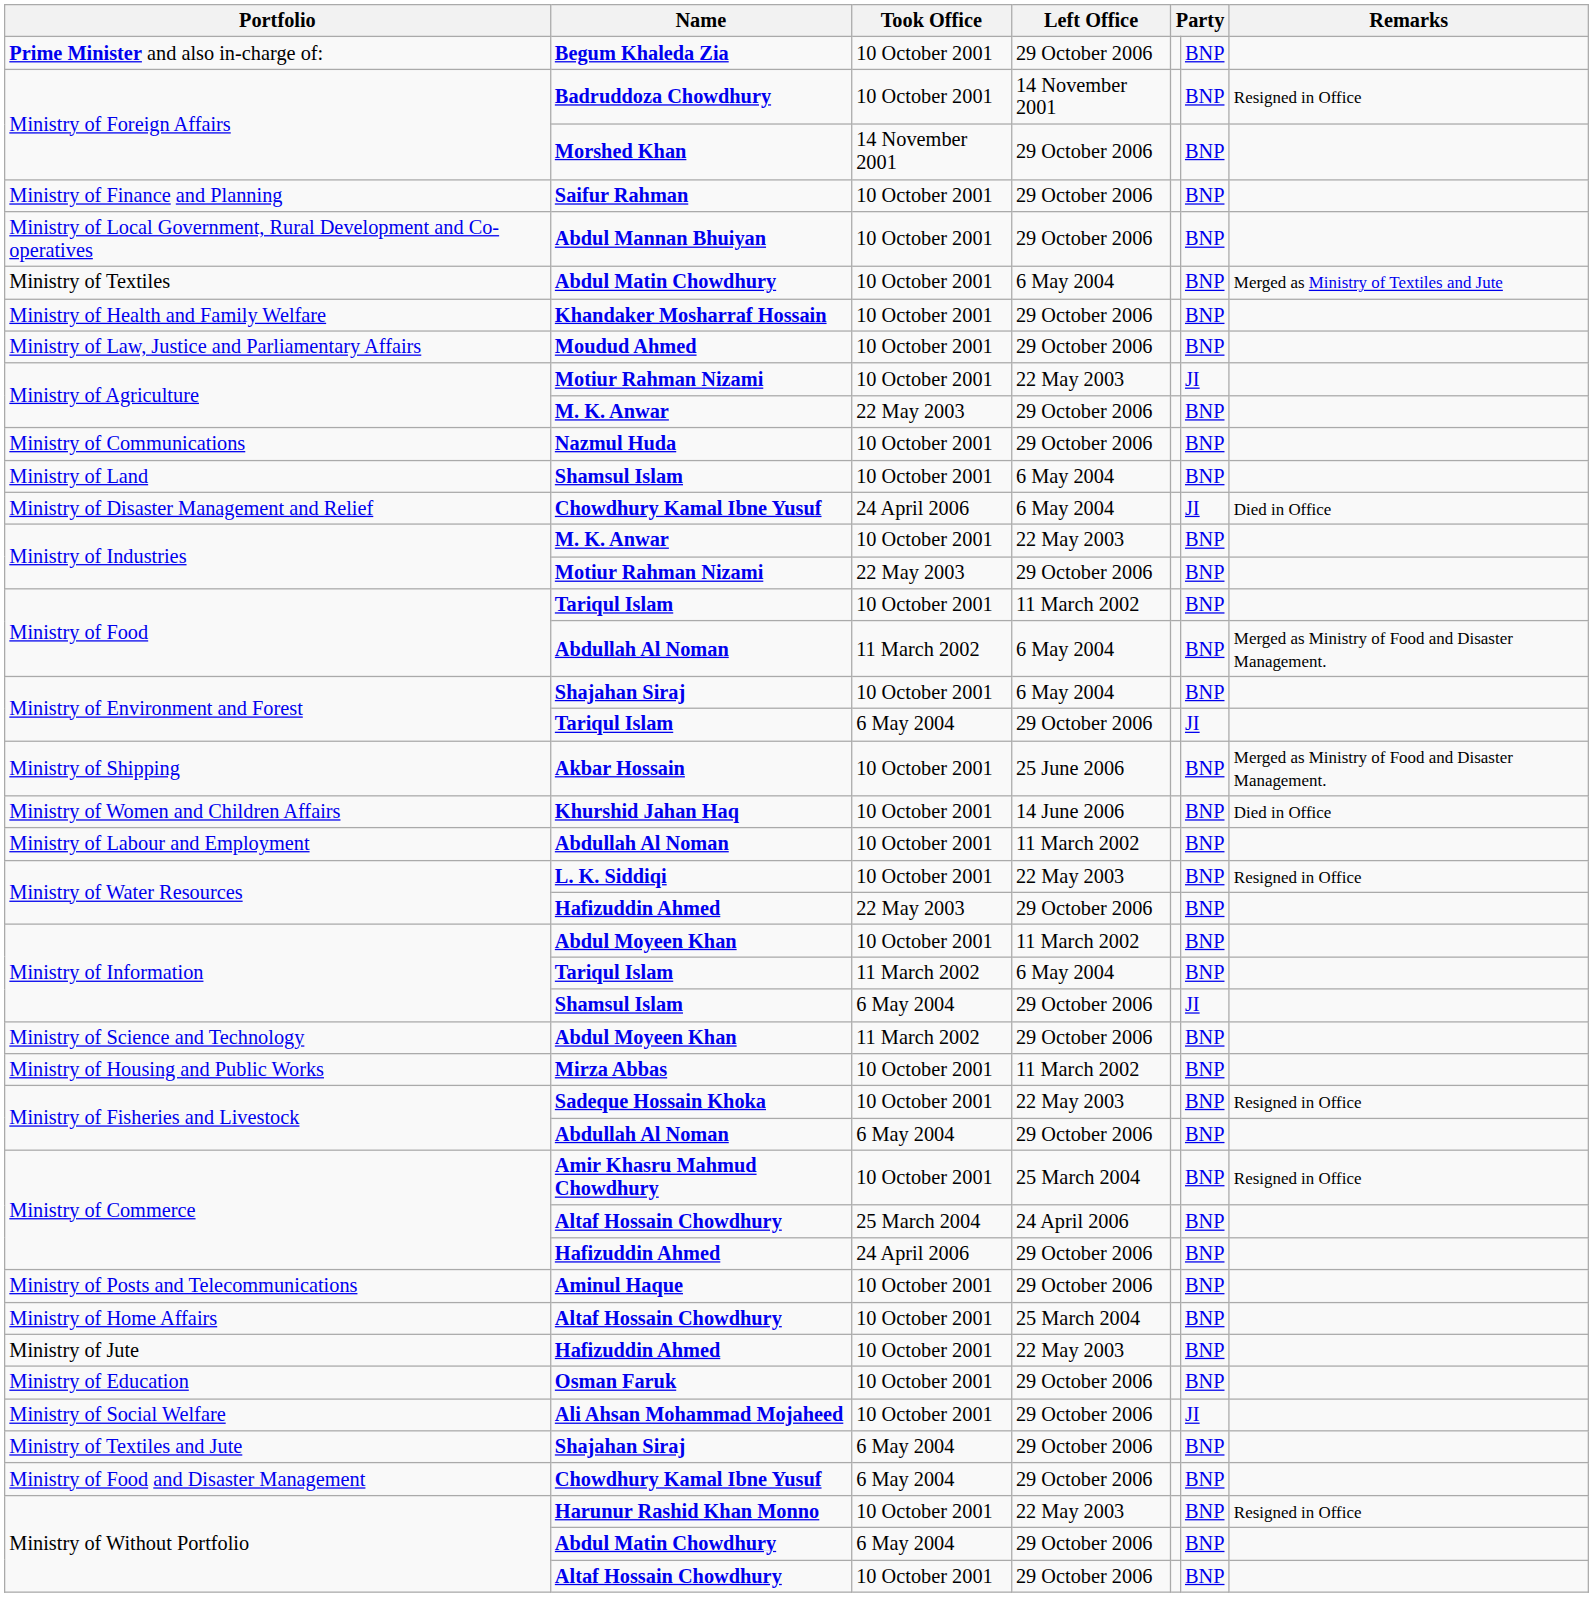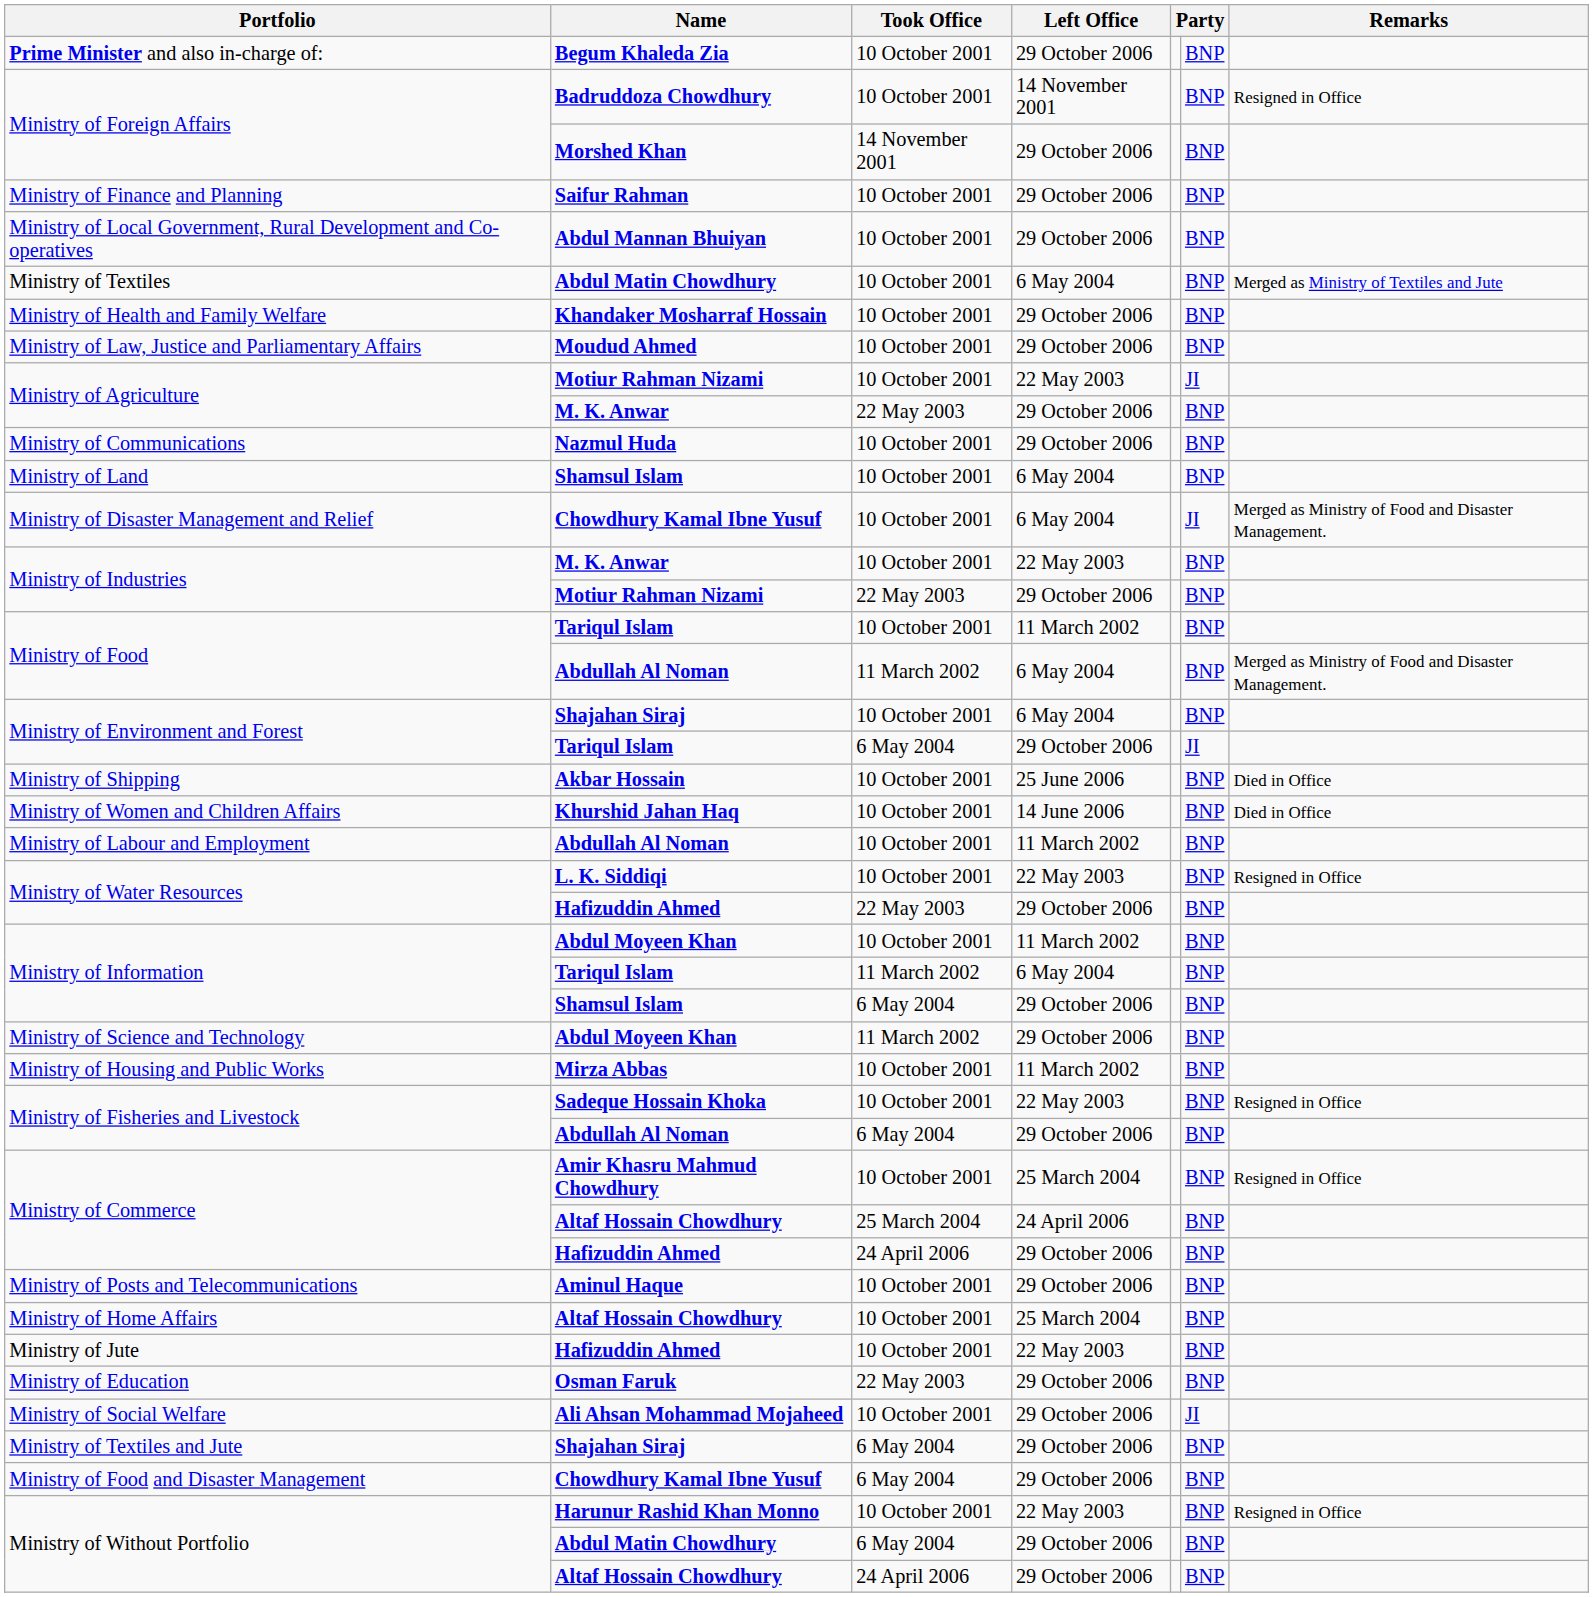 <table class="wikitable sortable">
 <tr>
 <th>Portfolio</th>
 <th>Name</th>
 <th>Took Office</th>
 <th>Left Office</th>
 <th colspan="2">Party</th>
 <th>Remarks</th>
 </tr>
 <tr>
 <td><a href='#'><strong>Prime Minister</strong></a> and also in-charge of:<br></td>
 <td><strong><a href='#'>Begum Khaleda Zia</a></strong></td>
 <td>10 October 2001</td>
 <td>29 October 2006</td>
 <td style="background-color:"></td>
 <td><a href='#'>BNP</a></td>
 <td></td>
 </tr>
 <tr>
 <td rowspan="2"><a href='#'>Ministry of Foreign Affairs</a></td>
 <td><a href='#'><strong>Badruddoza Chowdhury</strong></a></td>
 <td>10 October 2001</td>
 <td>14 November 2001</td>
 <td style="background-color:"></td>
 <td><a href='#'>BNP</a></td>
 <td><small>Resigned in Office</small></td>
 </tr>
 <tr>
 <td><strong><a href='#'>Morshed Khan</a></strong></td>
 <td>14 November 2001</td>
 <td>29 October 2006</td>
 <td style="background-color:"></td>
 <td><a href='#'>BNP</a></td>
 <td></td>
 </tr>
 <tr>
 <td><a href='#'>Ministry of Finance</a> <a href='#'>and Planning</a></td>
 <td><a href='#'><strong>Saifur Rahman</strong></a></td>
 <td>10 October 2001</td>
 <td>29 October 2006</td>
 <td style="background-color:"></td>
 <td><a href='#'>BNP</a></td>
 <td></td>
 </tr>
 <tr>
 <td><a href='#'>Ministry of Local Government, Rural Development and Co-operatives</a></td>
 <td><strong><a href='#'>Abdul Mannan Bhuiyan</a></strong></td>
 <td>10 October 2001</td>
 <td>29 October 2006</td>
 <td style="background-color:"></td>
 <td><a href='#'>BNP</a></td>
 <td></td>
 </tr>
 <tr>
 <td>Ministry of Textiles</td>
 <td><a href='#'><strong>Abdul Matin Chowdhury</strong></a></td>
 <td>10 October 2001</td>
 <td>6 May 2004</td>
 <td style="background-color:"></td>
 <td><a href='#'>BNP</a></td>
 <td><small>Merged as <a href='#'>Ministry of Textiles and Jute</a></small></td>
 </tr>
 <tr>
 <td><a href='#'>Ministry of Health and Family Welfare</a></td>
 <td><a href='#'><strong>Khandaker Mosharraf Hossain</strong></a></td>
 <td>10 October 2001</td>
 <td>29 October 2006</td>
 <td style="background-color:"></td>
 <td><a href='#'>BNP</a></td>
 <td></td>
 </tr>
 <tr>
 <td><a href='#'>Ministry of Law, Justice and Parliamentary Affairs</a></td>
 <td><strong><a href='#'>Moudud Ahmed</a></strong></td>
 <td>10 October 2001</td>
 <td>29 October 2006</td>
 <td style="background-color:"></td>
 <td><a href='#'>BNP</a></td>
 <td></td>
 </tr>
 <tr>
 <td rowspan="2"><a href='#'>Ministry of Agriculture</a></td>
 <td><strong><a href='#'>Motiur Rahman Nizami</a></strong></td>
 <td>10 October 2001</td>
 <td>22 May 2003</td>
 <td style="background-color:"></td>
 <td><a href='#'>JI</a></td>
 <td></td>
 </tr>
 <tr>
 <td><strong><a href='#'>M. K. Anwar</a></strong></td>
 <td>22 May 2003</td>
 <td>29 October 2006</td>
 <td style="background-color:"></td>
 <td><a href='#'>BNP</a></td>
 <td></td>
 </tr>
 <tr>
 <td><a href='#'>Ministry of Communications</a></td>
 <td><strong><a href='#'>Nazmul Huda</a></strong></td>
 <td>10 October 2001</td>
 <td>29 October 2006</td>
 <td style="background-color:"></td>
 <td><a href='#'>BNP</a></td>
 <td></td>
 </tr>
 <tr>
 <td><a href='#'>Ministry of Land</a></td>
 <td><a href='#'><strong>Shamsul Islam</strong></a></td>
 <td>10 October 2001</td>
 <td>6 May 2004</td>
 <td style="background-color:"></td>
 <td><a href='#'>BNP</a></td>
 <td></td>
 </tr>
 <tr>
 <td><a href='#'>Ministry of Disaster Management and Relief</a></td>
 <td><strong><a href='#'>Chowdhury Kamal Ibne Yusuf</a></strong></td>
-<td>24 April 2006</td>
+<td>10 October 2001</td>
 <td>6 May 2004</td>
 <td style="background-color:"></td>
 <td><a href='#'>JI</a></td>
-<td><small>Died in Office</small></td>
+<td><small>Merged as Ministry of Food and Disaster Management.</small></td>
 </tr>
 <tr>
 <td rowspan="2"><a href='#'>Ministry of Industries</a></td>
 <td><strong><a href='#'>M. K. Anwar</a></strong></td>
 <td>10 October 2001</td>
 <td>22 May 2003</td>
 <td style="background-color:"></td>
 <td><a href='#'>BNP</a></td>
 <td></td>
 </tr>
 <tr>
 <td><strong><a href='#'>Motiur Rahman Nizami</a></strong></td>
 <td>22 May 2003</td>
 <td>29 October 2006</td>
 <td style="background-color:"></td>
 <td><a href='#'>BNP</a></td>
 <td></td>
 </tr>
 <tr>
 <td rowspan="2"><a href='#'>Ministry of Food</a></td>
 <td><strong><a href='#'>Tariqul Islam</a></strong></td>
 <td>10 October 2001</td>
 <td>11 March 2002</td>
 <td style="background-color:"></td>
 <td><a href='#'>BNP</a></td>
 <td></td>
 </tr>
 <tr>
 <td><strong><a href='#'>Abdullah Al Noman</a></strong></td>
 <td>11 March 2002</td>
 <td>6 May 2004</td>
 <td style="background-color:"></td>
 <td><a href='#'>BNP</a></td>
 <td><small>Merged as Ministry of Food and Disaster Management.</small></td>
 </tr>
 <tr>
 <td rowspan="2"><a href='#'>Ministry of Environment and Forest</a></td>
 <td><strong><a href='#'>Shajahan Siraj</a></strong></td>
 <td>10 October 2001</td>
 <td>6 May 2004</td>
 <td style="background-color:"></td>
 <td><a href='#'>BNP</a></td>
 <td></td>
 </tr>
 <tr>
 <td><strong><a href='#'>Tariqul Islam</a></strong></td>
 <td>6 May 2004</td>
 <td>29 October 2006</td>
 <td style="background-color:"></td>
 <td><a href='#'>JI</a></td>
 <td></td>
 </tr>
 <tr>
 <td><a href='#'>Ministry of Shipping</a></td>
 <td><strong><a href='#'>Akbar Hossain</a></strong></td>
 <td>10 October 2001</td>
 <td>25 June 2006</td>
 <td style="background-color:"></td>
 <td><a href='#'>BNP</a></td>
-<td><small>Merged as Ministry of Food and Disaster Management.</small></td>
+<td><small>Died in Office</small></td>
 </tr>
 <tr>
 <td><a href='#'>Ministry of Women and Children Affairs</a></td>
 <td><a href='#'><strong>Khurshid Jahan Haq</strong></a></td>
 <td>10 October 2001</td>
 <td>14 June 2006</td>
 <td style="background-color:"></td>
 <td><a href='#'>BNP</a></td>
 <td><small>Died in Office</small></td>
 </tr>
 <tr>
 <td><a href='#'>Ministry of Labour and Employment</a></td>
 <td><strong><a href='#'>Abdullah Al Noman</a></strong></td>
 <td>10 October 2001</td>
 <td>11 March 2002</td>
 <td style="background-color:"></td>
 <td><a href='#'>BNP</a></td>
 <td></td>
 </tr>
 <tr>
 <td rowspan="2"><a href='#'>Ministry of Water Resources</a></td>
 <td><strong><a href='#'>L. K. Siddiqi</a></strong></td>
 <td>10 October 2001</td>
 <td>22 May 2003</td>
 <td style="background-color:"></td>
 <td><a href='#'>BNP</a></td>
 <td><small>Resigned in Office</small></td>
 </tr>
 <tr>
 <td><strong><a href='#'>Hafizuddin Ahmed</a></strong></td>
 <td>22 May 2003</td>
 <td>29 October 2006</td>
 <td style="background-color:"></td>
 <td><a href='#'>BNP</a></td>
 <td></td>
 </tr>
 <tr>
 <td rowspan="3"><a href='#'>Ministry of Information</a></td>
 <td><strong><a href='#'>Abdul Moyeen Khan</a></strong></td>
 <td>10 October 2001</td>
 <td>11 March 2002</td>
 <td style="background-color:"></td>
 <td><a href='#'>BNP</a></td>
 <td></td>
 </tr>
 <tr>
 <td><strong><a href='#'>Tariqul Islam</a></strong></td>
 <td>11 March 2002</td>
 <td>6 May 2004</td>
 <td style="background-color:"></td>
 <td><a href='#'>BNP</a></td>
 <td></td>
 </tr>
 <tr>
 <td><a href='#'><strong>Shamsul Islam</strong></a></td>
 <td>6 May 2004</td>
 <td>29 October 2006</td>
 <td style="background-color:"></td>
-<td><a href='#'>JI</a></td>
+<td><a href='#'>BNP</a></td>
 <td></td>
 </tr>
 <tr>
 <td><a href='#'>Ministry of Science and Technology</a></td>
 <td><strong><a href='#'>Abdul Moyeen Khan</a></strong></td>
 <td>11 March 2002</td>
 <td>29 October 2006</td>
 <td style="background-color:"></td>
 <td><a href='#'>BNP</a></td>
 <td></td>
 </tr>
 <tr>
 <td><a href='#'>Ministry of Housing and Public Works</a></td>
 <td><strong><a href='#'>Mirza Abbas</a></strong></td>
 <td>10 October 2001</td>
 <td>11 March 2002</td>
 <td style="background-color:"></td>
 <td><a href='#'>BNP</a></td>
 <td></td>
 </tr>
 <tr>
 <td rowspan="2"><a href='#'>Ministry of Fisheries and Livestock</a></td>
 <td><strong><a href='#'>Sadeque Hossain Khoka</a></strong></td>
 <td>10 October 2001</td>
 <td>22 May 2003</td>
 <td style="background-color:"></td>
 <td><a href='#'>BNP</a></td>
 <td><small>Resigned in Office</small></td>
 </tr>
 <tr>
 <td><strong><a href='#'>Abdullah Al Noman</a></strong></td>
 <td>6 May 2004</td>
 <td>29 October 2006</td>
 <td style="background-color:"></td>
 <td><a href='#'>BNP</a></td>
 <td></td>
 </tr>
 <tr>
 <td rowspan="3"><a href='#'>Ministry of Commerce</a></td>
 <td><strong><a href='#'>Amir Khasru Mahmud Chowdhury</a></strong></td>
 <td>10 October 2001</td>
 <td>25 March 2004</td>
 <td style="background-color:"></td>
 <td><a href='#'>BNP</a></td>
 <td><small>Resigned in Office</small></td>
 </tr>
 <tr>
 <td><strong><a href='#'>Altaf Hossain Chowdhury</a></strong></td>
 <td>25 March 2004</td>
 <td>24 April 2006</td>
 <td style="background-color:"></td>
 <td><a href='#'>BNP</a></td>
 <td></td>
 </tr>
 <tr>
 <td><strong><a href='#'>Hafizuddin Ahmed</a></strong></td>
 <td>24 April 2006</td>
 <td>29 October 2006</td>
 <td style="background-color:"></td>
 <td><a href='#'>BNP</a></td>
 <td></td>
 </tr>
 <tr>
 <td><a href='#'>Ministry of Posts and Telecommunications</a></td>
 <td><a href='#'><strong>Aminul Haque</strong></a></td>
 <td>10 October 2001</td>
 <td>29 October 2006</td>
 <td style="background-color:"></td>
 <td><a href='#'>BNP</a></td>
 <td></td>
 </tr>
 <tr>
 <td><a href='#'>Ministry of Home Affairs</a></td>
 <td><strong><a href='#'>Altaf Hossain Chowdhury</a></strong></td>
 <td>10 October 2001</td>
 <td>25 March 2004</td>
 <td style="background-color:"></td>
 <td><a href='#'>BNP</a></td>
 <td></td>
 </tr>
 <tr>
 <td>Ministry of Jute</td>
 <td><strong><a href='#'>Hafizuddin Ahmed</a></strong></td>
 <td>10 October 2001</td>
 <td>22 May 2003</td>
 <td style="background-color:"></td>
 <td><a href='#'>BNP</a></td>
 <td></td>
 </tr>
 <tr>
 <td><a href='#'>Ministry of Education</a></td>
 <td><strong><a href='#'>Osman Faruk</a></strong></td>
-<td>10 October 2001</td>
+<td>22 May 2003</td>
 <td>29 October 2006</td>
 <td style="background-color:"></td>
 <td><a href='#'>BNP</a></td>
 <td></td>
 </tr>
 <tr>
 <td><a href='#'>Ministry of Social Welfare</a></td>
 <td><strong><a href='#'>Ali Ahsan Mohammad Mojaheed</a></strong></td>
 <td>10 October 2001</td>
 <td>29 October 2006</td>
 <td style="background-color:"></td>
 <td><a href='#'>JI</a></td>
 <td></td>
 </tr>
 <tr>
 <td><a href='#'>Ministry of Textiles and Jute</a></td>
 <td><strong><a href='#'>Shajahan Siraj</a></strong></td>
 <td>6 May 2004</td>
 <td>29 October 2006</td>
 <td style="background-color:"></td>
 <td><a href='#'>BNP</a></td>
 <td></td>
 </tr>
 <tr>
 <td><a href='#'>Ministry of Food</a> <a href='#'>and Disaster Management</a></td>
 <td><strong><a href='#'>Chowdhury Kamal Ibne Yusuf</a></strong></td>
 <td>6 May 2004</td>
 <td>29 October 2006</td>
 <td style="background-color:"></td>
 <td><a href='#'>BNP</a></td>
 <td></td>
 </tr>
 <tr>
 <td rowspan="3">Ministry of Without Portfolio</td>
 <td><strong><a href='#'>Harunur Rashid Khan Monno</a></strong></td>
 <td>10 October 2001</td>
 <td>22 May 2003</td>
 <td style="background-color:"></td>
 <td><a href='#'>BNP</a></td>
 <td><small>Resigned in Office</small></td>
 </tr>
 <tr>
 <td><a href='#'><strong>Abdul Matin Chowdhury</strong></a></td>
 <td>6 May 2004</td>
 <td>29 October 2006</td>
 <td style="background-color:"></td>
 <td><a href='#'>BNP</a></td>
 <td></td>
 </tr>
 <tr>
 <td><strong><a href='#'>Altaf Hossain Chowdhury</a></strong></td>
-<td>10 October 2001</td>
+<td>24 April 2006</td>
 <td>29 October 2006</td>
 <td style="background-color:"></td>
 <td><a href='#'>BNP</a></td>
 <td></td>
 </tr>
 </table>
